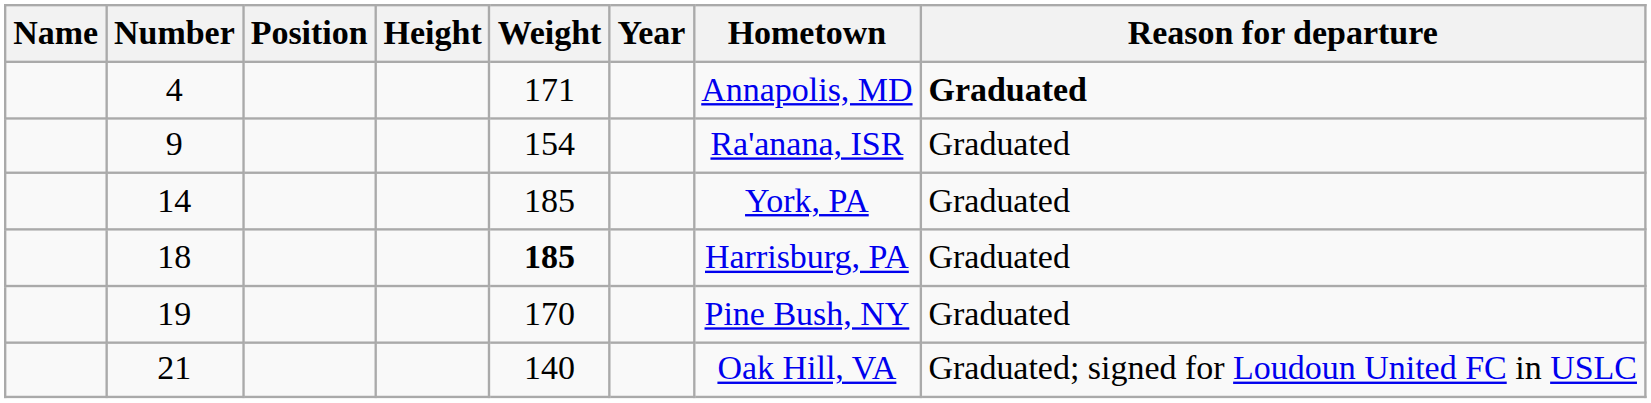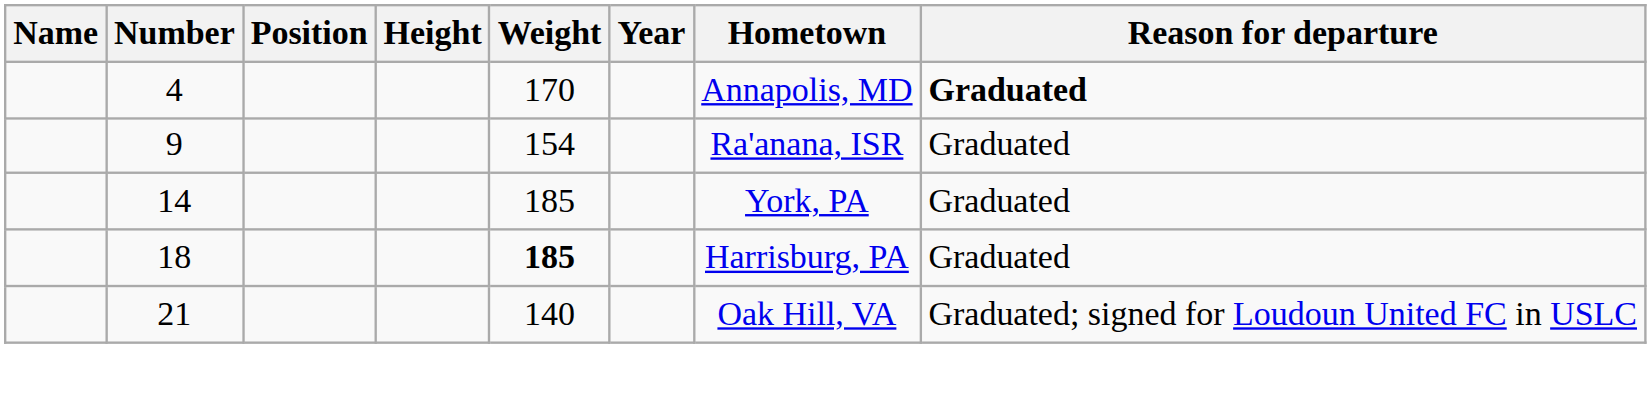 <table class="wikitable sortable"  style="text-align:center; font-size:90%; ">
 <tr>
 <th>Name</th>
 <th>Number</th>
 <th>Position</th>
 <th>Height</th>
 <th>Weight</th>
 <th>Year</th>
 <th>Hometown</th>
 <th class="unsortable">Reason for departure</th>
 </tr>
 <tr>
 <td align="left"></td>
 <td>4</td>
 <td></td>
 <td></td>
-<td>171</td>
+<td>170</td>
 <td></td>
 <td><a href='#'>Annapolis, MD</a></td>
 <td align="left"><strong>Graduated</strong></td>
 </tr>
 <tr>
 <td align="left"></td>
 <td>9</td>
 <td></td>
 <td></td>
 <td>154</td>
 <td></td>
 <td><a href='#'>Ra'anana, ISR</a></td>
 <td align="left">Graduated</td>
 </tr>
 <tr>
 <td align="left"></td>
 <td>14</td>
 <td></td>
 <td></td>
 <td>185</td>
 <td></td>
 <td><a href='#'>York, PA</a></td>
 <td align="left">Graduated</td>
 </tr>
 <tr>
 <td align="left"></td>
 <td>18</td>
 <td></td>
 <td></td>
 <td><strong>185</strong></td>
 <td></td>
 <td><a href='#'>Harrisburg, PA</a></td>
 <td align="left">Graduated</td>
 </tr>
 <tr>
 <td align="left"></td>
-<td>19</td>
-<td></td>
-<td></td>
-<td>170</td>
-<td></td>
-<td><a href='#'>Pine Bush, NY</a></td>
-<td align="left">Graduated</td>
-</tr>
-<tr>
-<td align="left"></td>
 <td>21</td>
 <td></td>
 <td></td>
 <td>140</td>
 <td></td>
 <td><a href='#'>Oak Hill, VA</a></td>
 <td align="left">Graduated; signed for <a href='#'>Loudoun United FC</a> in <a href='#'>USLC</a></td>
 </tr>
 </table>
